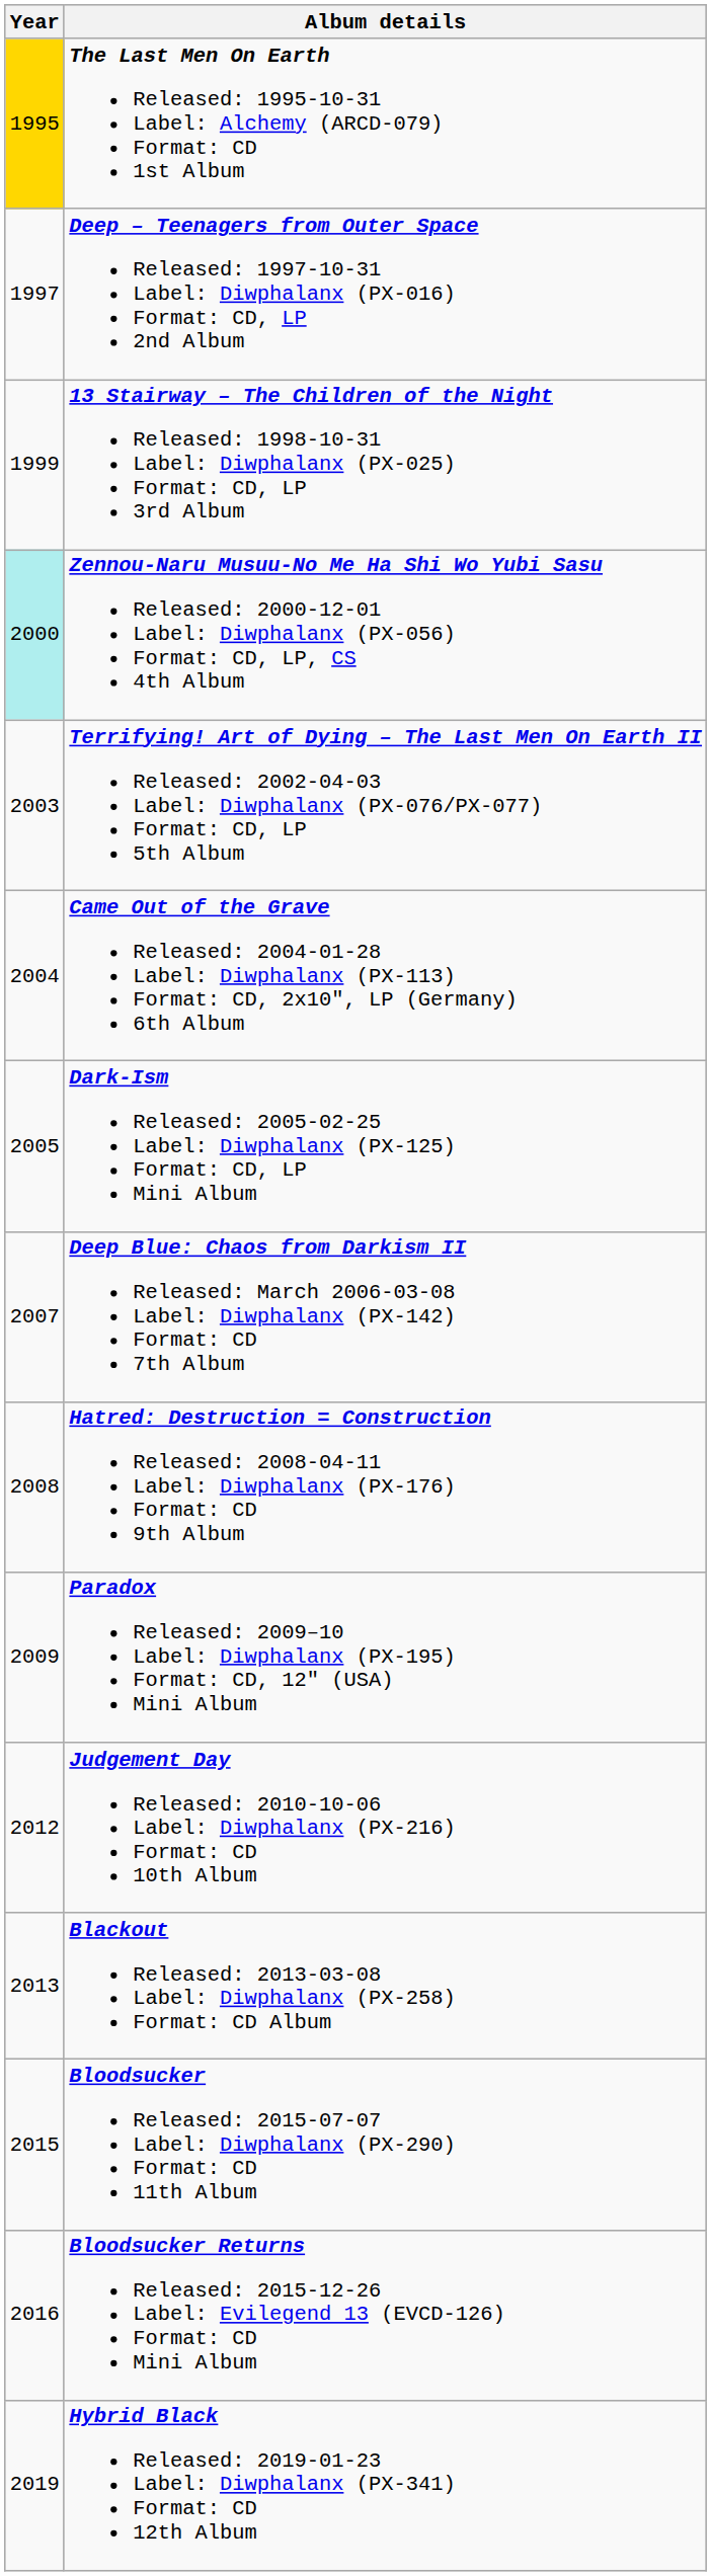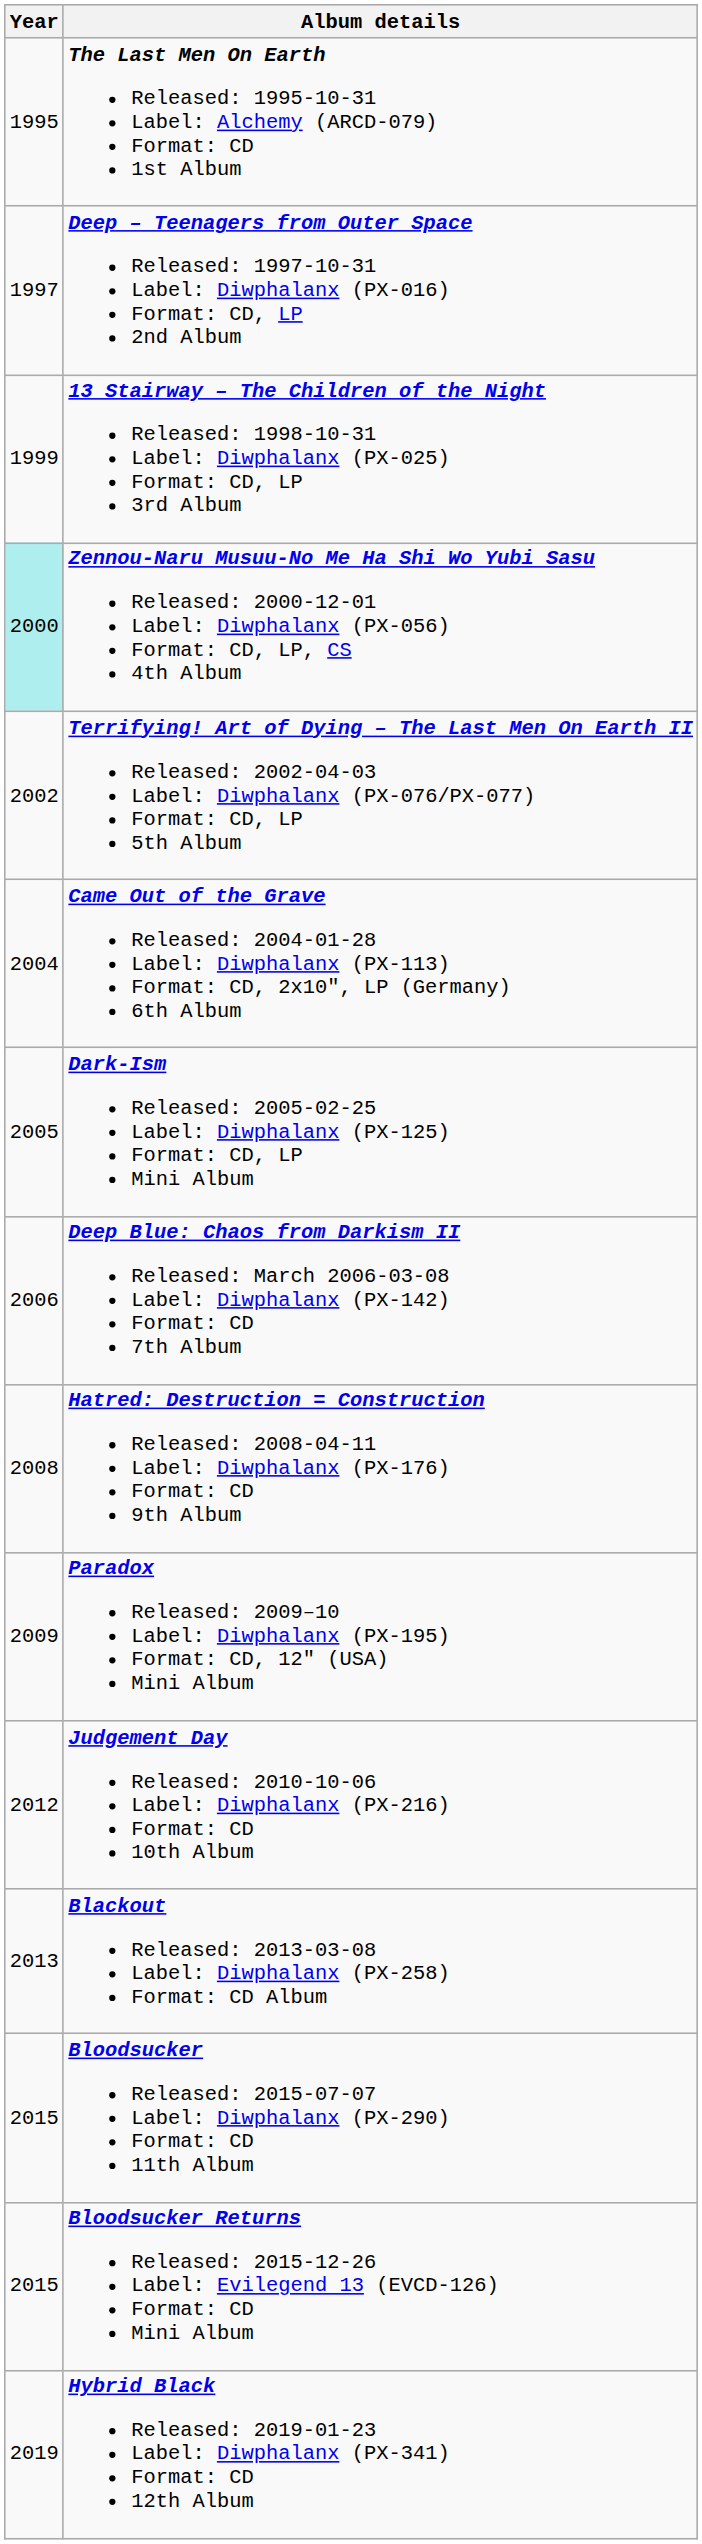 <table class ="wikitable">
 <tr>
 <th rowspan="1">Year</th>
 <th rowspan="1">Album details</th>
 </tr>
 <tr>
-<td style="background: gold;">1995</td>
+<td>1995</td>
 <td><strong><em>The Last Men On Earth</em></strong><br><ul><li>Released: 1995-10-31</li><li>Label: <a href='#'>Alchemy</a> (ARCD-079)</li><li>Format: CD</li><li>1st Album</li></ul></td>
 </tr>
 <tr>
 <td>1997</td>
 <td><strong><em><a href='#'>Deep – Teenagers from Outer Space</a></em></strong><br><ul><li>Released: 1997-10-31</li><li>Label: <a href='#'>Diwphalanx</a> (PX-016)</li><li>Format: CD, <a href='#'>LP</a></li><li>2nd Album</li></ul></td>
 </tr>
 <tr>
 <td>1999</td>
 <td><strong><em><a href='#'>13 Stairway – The Children of the Night</a></em></strong><br><ul><li>Released: 1998-10-31</li><li>Label: <a href='#'>Diwphalanx</a> (PX-025)</li><li>Format: CD, LP</li><li>3rd Album</li></ul></td>
 </tr>
 <tr>
 <td style="background: paleturquoise;">2000</td>
 <td><strong><em><a href='#'>Zennou-Naru Musuu-No Me Ha Shi Wo Yubi Sasu</a></em></strong><br><ul><li>Released: 2000-12-01</li><li>Label: <a href='#'>Diwphalanx</a> (PX-056)</li><li>Format: CD, LP, <a href='#'>CS</a></li><li>4th Album</li></ul></td>
 </tr>
 <tr>
-<td>2003</td>
+<td>2002</td>
 <td><strong><em><a href='#'>Terrifying! Art of Dying – The Last Men On Earth II</a></em></strong><br><ul><li>Released: 2002-04-03</li><li>Label: <a href='#'>Diwphalanx</a> (PX-076/PX-077)</li><li>Format: CD, LP</li><li>5th Album</li></ul></td>
 </tr>
 <tr>
 <td>2004</td>
 <td><strong><em><a href='#'>Came Out of the Grave</a></em></strong><br><ul><li>Released: 2004-01-28</li><li>Label: <a href='#'>Diwphalanx</a> (PX-113)</li><li>Format: CD, 2x10", LP (Germany)</li><li>6th Album</li></ul></td>
 </tr>
 <tr>
 <td>2005</td>
 <td><strong><em><a href='#'>Dark-Ism</a></em></strong><br><ul><li>Released: 2005-02-25</li><li>Label: <a href='#'>Diwphalanx</a> (PX-125)</li><li>Format: CD, LP</li><li>Mini Album</li></ul></td>
 </tr>
 <tr>
-<td>2007</td>
+<td>2006</td>
 <td><strong><em><a href='#'>Deep Blue: Chaos from Darkism II</a></em></strong><br><ul><li>Released: March 2006-03-08</li><li>Label: <a href='#'>Diwphalanx</a> (PX-142)</li><li>Format: CD</li><li>7th Album</li></ul></td>
 </tr>
 <tr>
 <td>2008</td>
 <td><strong><em><a href='#'>Hatred: Destruction = Construction</a></em></strong><br><ul><li>Released: 2008-04-11</li><li>Label: <a href='#'>Diwphalanx</a> (PX-176)</li><li>Format: CD</li><li>9th Album</li></ul></td>
 </tr>
 <tr>
 <td>2009</td>
 <td><strong><em><a href='#'>Paradox</a></em></strong><br><ul><li>Released: 2009–10</li><li>Label: <a href='#'>Diwphalanx</a> (PX-195)</li><li>Format: CD, 12" (USA)</li><li>Mini Album</li></ul></td>
 </tr>
 <tr>
 <td>2012</td>
 <td><strong><em><a href='#'>Judgement Day</a></em></strong><br><ul><li>Released: 2010-10-06</li><li>Label: <a href='#'>Diwphalanx</a> (PX-216)</li><li>Format: CD</li><li>10th Album</li></ul></td>
 </tr>
 <tr>
 <td>2013</td>
 <td><strong><em><a href='#'>Blackout</a></em></strong><br><ul><li>Released: 2013-03-08</li><li>Label: <a href='#'>Diwphalanx</a> (PX-258)</li><li>Format: CD Album</li></ul></td>
 </tr>
 <tr>
 <td>2015</td>
 <td><strong><em><a href='#'>Bloodsucker</a></em></strong><br><ul><li>Released: 2015-07-07</li><li>Label: <a href='#'>Diwphalanx</a> (PX-290)</li><li>Format: CD</li><li>11th Album</li></ul></td>
 </tr>
 <tr>
-<td>2016</td>
+<td>2015</td>
 <td><strong><em><a href='#'>Bloodsucker Returns</a></em></strong><br><ul><li>Released: 2015-12-26</li><li>Label: <a href='#'>Evilegend 13</a> (EVCD-126)</li><li>Format: CD</li><li>Mini Album</li></ul></td>
 </tr>
 <tr>
 <td>2019</td>
 <td><strong><em><a href='#'>Hybrid Black</a></em></strong><br><ul><li>Released: 2019-01-23</li><li>Label: <a href='#'>Diwphalanx</a> (PX-341)</li><li>Format: CD</li><li>12th Album</li></ul></td>
 </tr>
 </table>
